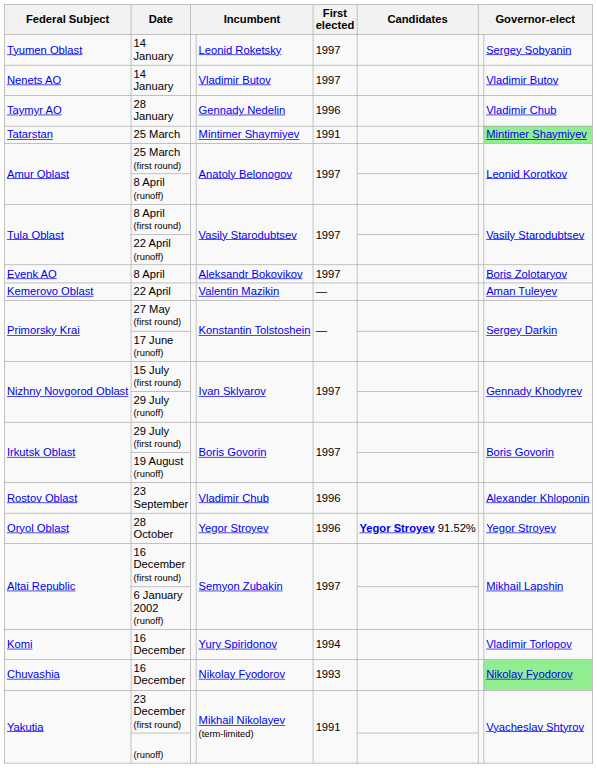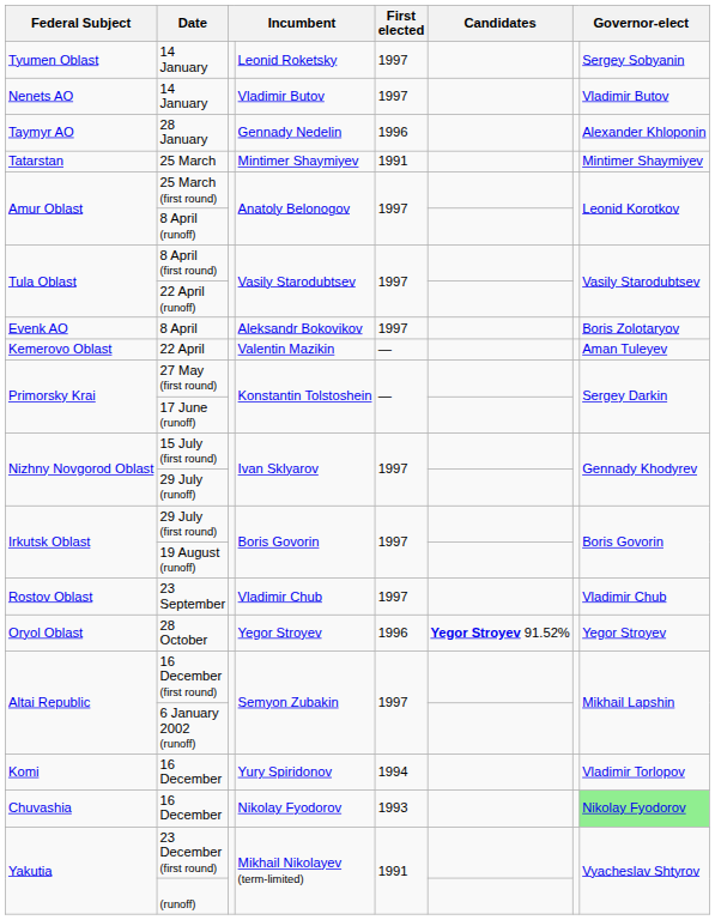 <table class="wikitable unsortable">
 <tr>
 <th>Federal Subject</th>
 <th style="width: 70px">Date</th>
 <th colspan = 2>Incumbent</th>
 <th>First<br>elected</th>
 <th>Candidates</th>
 <th colspan = 2>Governor-elect</th>
 </tr>
 <tr>
 <td><a href='#'>Tyumen Oblast</a></td>
 <td>14 January</td>
 <td style="background:"></td>
 <td><a href='#'>Leonid Roketsky</a></td>
 <td>1997</td>
 <td></td>
 <td style="background:"></td>
 <td><a href='#'>Sergey Sobyanin</a></td>
 </tr>
 <tr>
 <td><a href='#'>Nenets AO</a></td>
 <td>14 January</td>
 <td style="background:"></td>
 <td><a href='#'>Vladimir Butov</a></td>
 <td>1997</td>
 <td></td>
 <td style="background:"></td>
 <td><a href='#'>Vladimir Butov</a></td>
 </tr>
 <tr>
 <td><a href='#'>Taymyr AO</a></td>
 <td>28 January</td>
 <td style="background:"></td>
 <td><a href='#'>Gennady Nedelin</a></td>
 <td>1996</td>
 <td></td>
 <td style="background:"></td>
-<td><a href='#'>Vladimir Chub</a></td>
+<td><a href='#'>Alexander Khloponin</a></td>
 </tr>
 <tr>
 <td><a href='#'>Tatarstan</a></td>
 <td>25 March</td>
 <td style="background:"></td>
 <td><a href='#'>Mintimer Shaymiyev</a></td>
 <td>1991</td>
 <td></td>
 <td style="background:"></td>
-<td style="background: lightgreen;"><a href='#'>Mintimer Shaymiyev</a></td>
+<td><a href='#'>Mintimer Shaymiyev</a></td>
 </tr>
 <tr>
 <td rowspan="2"><a href='#'>Amur Oblast</a></td>
 <td>25 March<br><small>(first round)</small></td>
 <td rowspan="2" ; style="background:"></td>
 <td rowspan="2"><a href='#'>Anatoly Belonogov</a></td>
 <td rowspan="2">1997</td>
 <td></td>
 <td rowspan="2" ; style="background:"></td>
 <td rowspan="2"><a href='#'>Leonid Korotkov</a></td>
 </tr>
 <tr>
 <td>8 April<br><small>(runoff)</small></td>
 <td></td>
 </tr>
 <tr>
 <td rowspan="2"><a href='#'>Tula Oblast</a></td>
 <td>8 April<br><small>(first round)</small></td>
 <td rowspan="2" ; style="background:"></td>
 <td rowspan="2"><a href='#'>Vasily Starodubtsev</a></td>
 <td rowspan="2">1997</td>
 <td></td>
 <td rowspan="2" ; style="background:"></td>
 <td rowspan="2"><a href='#'>Vasily Starodubtsev</a></td>
 </tr>
 <tr>
 <td>22 April<br><small>(runoff)</small></td>
 <td></td>
 </tr>
 <tr>
 <td><a href='#'>Evenk AO</a></td>
 <td>8 April</td>
 <td style="background:"></td>
 <td><a href='#'>Aleksandr Bokovikov</a></td>
 <td>1997</td>
 <td></td>
 <td style="background:"></td>
 <td><a href='#'>Boris Zolotaryov</a></td>
 </tr>
 <tr>
 <td><a href='#'>Kemerovo Oblast</a></td>
 <td>22 April</td>
 <td style="background:"></td>
 <td><a href='#'>Valentin Mazikin</a></td>
 <td>—</td>
 <td></td>
 <td style="background:"></td>
 <td><a href='#'>Aman Tuleyev</a></td>
 </tr>
 <tr>
 <td rowspan="2"><a href='#'>Primorsky Krai</a></td>
 <td>27 May<br><small>(first round)</small></td>
 <td rowspan="2" ; style="background:"></td>
 <td rowspan="2"><a href='#'>Konstantin Tolstoshein</a></td>
 <td rowspan="2">—</td>
 <td></td>
 <td rowspan="2" ; style="background:"></td>
 <td rowspan="2"><a href='#'>Sergey Darkin</a></td>
 </tr>
 <tr>
 <td>17 June<br><small>(runoff)</small></td>
 <td></td>
 </tr>
 <tr>
 <td rowspan="2"><a href='#'>Nizhny Novgorod Oblast</a></td>
 <td>15 July<br><small>(first round)</small></td>
 <td rowspan="2" ; style="background:"></td>
 <td rowspan="2"><a href='#'>Ivan Sklyarov</a></td>
 <td rowspan="2">1997</td>
 <td></td>
 <td rowspan="2" ; style="background:"></td>
 <td rowspan="2"><a href='#'>Gennady Khodyrev</a></td>
 </tr>
 <tr>
 <td>29 July<br><small>(runoff)</small></td>
 <td></td>
 </tr>
 <tr>
 <td rowspan="2"><a href='#'>Irkutsk Oblast</a></td>
 <td>29 July<br><small>(first round)</small></td>
 <td rowspan="2" ; style="background:"></td>
 <td rowspan="2"><a href='#'>Boris Govorin</a></td>
 <td rowspan="2">1997</td>
 <td></td>
 <td rowspan="2" ; style="background:"></td>
 <td rowspan="2"><a href='#'>Boris Govorin</a></td>
 </tr>
 <tr>
 <td>19 August<br><small>(runoff)</small></td>
 <td></td>
 </tr>
 <tr>
 <td><a href='#'>Rostov Oblast</a></td>
 <td>23 September</td>
 <td style="background:"></td>
 <td><a href='#'>Vladimir Chub</a></td>
-<td>1996</td>
+<td>1997</td>
 <td></td>
 <td style="background:"></td>
-<td><a href='#'>Alexander Khloponin</a></td>
+<td><a href='#'>Vladimir Chub</a></td>
 </tr>
 <tr>
 <td><a href='#'>Oryol Oblast</a></td>
 <td>28 October</td>
 <td style="background:"></td>
 <td><a href='#'>Yegor Stroyev</a></td>
 <td>1996</td>
 <td> <strong><a href='#'>Yegor Stroyev</a></strong> 91.52%</td>
 <td style="background:"></td>
 <td><a href='#'>Yegor Stroyev</a></td>
 </tr>
 <tr>
 <td rowspan="2"><a href='#'>Altai Republic</a></td>
 <td>16 December<br><small>(first round)</small></td>
 <td rowspan="2" ; style="background:"></td>
 <td rowspan="2"><a href='#'>Semyon Zubakin</a></td>
 <td rowspan="2">1997</td>
 <td></td>
 <td rowspan="2" ; style="background:"></td>
 <td rowspan="2"><a href='#'>Mikhail Lapshin</a></td>
 </tr>
 <tr>
 <td>6 January 2002<br><small>(runoff)</small></td>
 <td></td>
 </tr>
 <tr>
 <td><a href='#'>Komi</a></td>
 <td>16 December</td>
 <td style="background:"></td>
 <td><a href='#'>Yury Spiridonov</a></td>
 <td>1994</td>
 <td></td>
 <td style="background:"></td>
 <td><a href='#'>Vladimir Torlopov</a></td>
 </tr>
 <tr>
 <td><a href='#'>Chuvashia</a></td>
 <td>16 December</td>
 <td style="background:"></td>
 <td><a href='#'>Nikolay Fyodorov</a></td>
 <td>1993</td>
 <td></td>
 <td style="background:"></td>
 <td style="background: lightgreen;"><a href='#'>Nikolay Fyodorov</a></td>
 </tr>
 <tr>
 <td rowspan="2"><a href='#'>Yakutia</a></td>
 <td>23 December<br><small>(first round)</small></td>
 <td rowspan="2" ; style="background:"></td>
 <td rowspan="2"><a href='#'>Mikhail Nikolayev</a><br><small>(term-limited)</small></td>
 <td rowspan="2">1991</td>
 <td></td>
 <td rowspan="2" ; style="background:"></td>
 <td rowspan="2"><a href='#'>Vyacheslav Shtyrov</a></td>
 </tr>
 <tr>
 <td><br><small>(runoff)</small></td>
 <td></td>
 </tr>
 </table>
